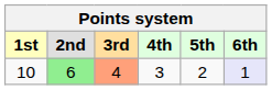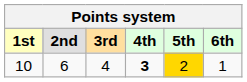 <table class="wikitable" style="font-size: 85%; text-align: center">
 <tr>
 <th colspan=19>Points system</th>
 </tr>
 <tr>
 <td style="background:#ffffbf;"> <strong>1st</strong> </td>
 <td style="background:#dfdfdf;"> <strong>2nd</strong> </td>
 <td style="background:#ffdf9f;"> <strong>3rd</strong> </td>
 <td style="background:#dfffdf;"> <strong>4th</strong> </td>
 <td style="background:#dfffdf;"> <strong>5th</strong> </td>
 <td style="background:#dfffdf;"> <strong>6th</strong> </td>
 </tr>
 <tr>
 <td>10</td>
-<td style="background: lightgreen;">6</td>
-<td style="background: lightsalmon;">4</td>
-<td>3</td>
-<td>2</td>
-<td style="background: lavender;">1</td>
+<td>6</td>
+<td>4</td>
+<td><strong>3</strong></td>
+<td style="background: gold;">2</td>
+<td>1</td>
 </tr>
 </table>
